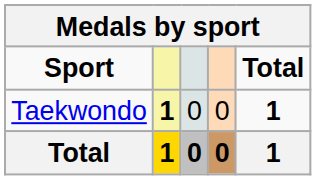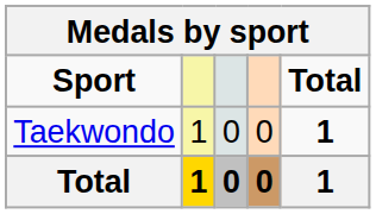 <table class="wikitable" style=font-size:85%>
 <tr style="background:#efefef;">
 <th colspan=5><strong>Medals by sport</strong></th>
 </tr>
 <tr align=center>
 <td><strong>Sport</strong></td>
 <td bgcolor=#f7f6a8></td>
 <td bgcolor=#dce5e5></td>
 <td bgcolor=#ffdab9></td>
 <td><strong>Total</strong></td>
 </tr>
 <tr align=center>
 <td><a href='#'>Taekwondo</a></td>
-<td style="background:#F7F6A8;"><strong>1</strong></td>
+<td style="background:#F7F6A8;">1</td>
 <td style="background:#DCE5E5;">0</td>
 <td style="background:#FFDAB9;">0</td>
 <td><strong>1</strong></td>
 </tr>
 <tr align=center>
 <th><strong>Total</strong></th>
 <th style="background:gold;"><strong>1</strong></th>
 <th style="background:silver;"><strong>0</strong></th>
 <th style="background:#c96;"><strong>0</strong></th>
 <th><strong>1</strong></th>
 </tr>
 </table>
